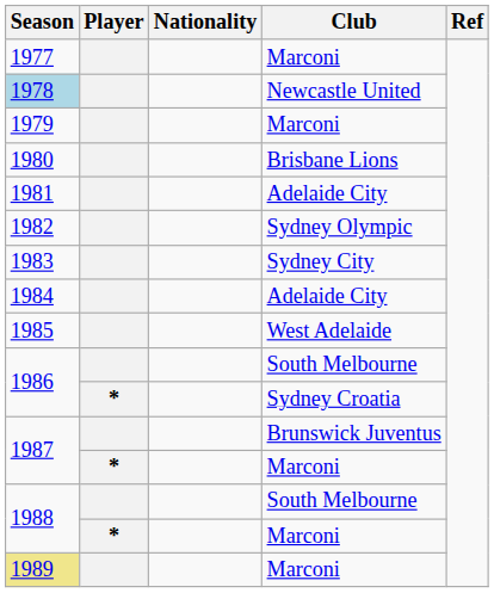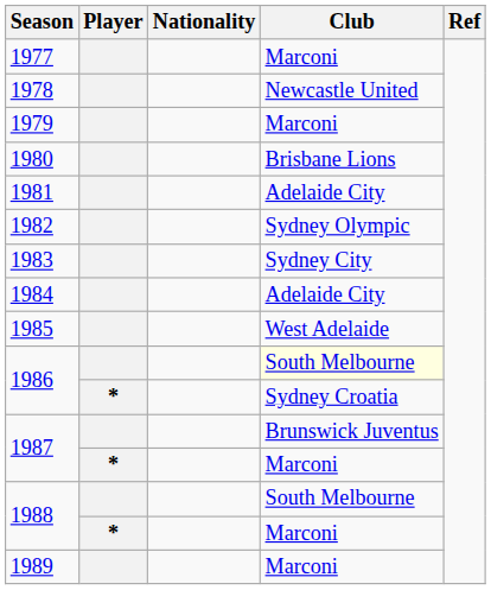 <table class="sortable wikitable plainrowheaders">
 <tr>
 <th scope="col">Season</th>
 <th scope="col">Player</th>
 <th scope="col">Nationality</th>
 <th scope="col">Club</th>
 <th scope="col" class="unsortable">Ref</th>
 </tr>
 <tr>
 <td><a href='#'>1977</a></td>
 <th scope="row"></th>
 <td></td>
 <td><a href='#'>Marconi</a></td>
 <td rowspan="16"></td>
 </tr>
 <tr>
-<td style="background: lightblue;"><a href='#'>1978</a></td>
+<td><a href='#'>1978</a></td>
 <th scope="row"></th>
 <td></td>
 <td><a href='#'>Newcastle United</a></td>
 </tr>
 <tr>
 <td><a href='#'>1979</a></td>
 <th scope="row"></th>
 <td></td>
 <td><a href='#'>Marconi</a></td>
 </tr>
 <tr>
 <td><a href='#'>1980</a></td>
 <th scope="row"></th>
 <td></td>
 <td><a href='#'>Brisbane Lions</a></td>
 </tr>
 <tr>
 <td><a href='#'>1981</a></td>
 <th scope="row"></th>
 <td></td>
 <td><a href='#'>Adelaide City</a></td>
 </tr>
 <tr>
 <td><a href='#'>1982</a></td>
 <th scope="row"></th>
 <td></td>
 <td><a href='#'>Sydney Olympic</a></td>
 </tr>
 <tr>
 <td><a href='#'>1983</a></td>
 <th scope="row"></th>
 <td></td>
 <td><a href='#'>Sydney City</a></td>
 </tr>
 <tr>
 <td><a href='#'>1984</a></td>
 <th scope="row"></th>
 <td></td>
 <td><a href='#'>Adelaide City</a></td>
 </tr>
 <tr>
 <td><a href='#'>1985</a></td>
 <th scope="row"></th>
 <td></td>
 <td><a href='#'>West Adelaide</a></td>
 </tr>
 <tr>
 <td rowspan="2"><a href='#'>1986</a></td>
 <th scope="row"> </th>
 <td></td>
-<td><a href='#'>South Melbourne</a></td>
+<td style="background: lightyellow;"><a href='#'>South Melbourne</a></td>
 </tr>
 <tr>
 <th scope="row">*</th>
 <td></td>
 <td><a href='#'>Sydney Croatia</a></td>
 </tr>
 <tr>
 <td rowspan="2"><a href='#'>1987</a></td>
 <th scope="row"></th>
 <td></td>
 <td><a href='#'>Brunswick Juventus</a></td>
 </tr>
 <tr>
 <th scope="row">*</th>
 <td></td>
 <td><a href='#'>Marconi</a></td>
 </tr>
 <tr>
 <td rowspan="2"><a href='#'>1988</a></td>
 <th scope="row"></th>
 <td></td>
 <td><a href='#'>South Melbourne</a></td>
 </tr>
 <tr>
 <th scope="row">* </th>
 <td></td>
 <td><a href='#'>Marconi</a></td>
 </tr>
 <tr>
-<td style="background: khaki;"><a href='#'>1989</a></td>
+<td><a href='#'>1989</a></td>
 <th scope="row"></th>
 <td></td>
 <td><a href='#'>Marconi</a></td>
 </tr>
 </table>
